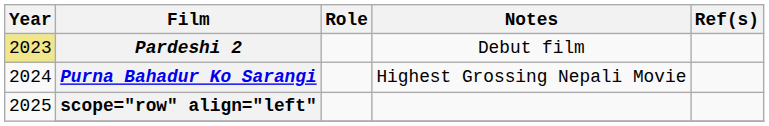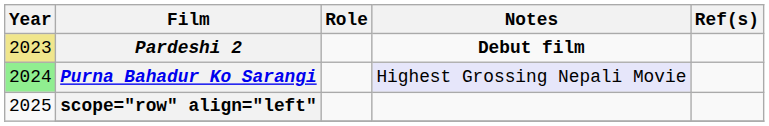 <table class="wikitable sortable plainrowheaders" style="text-align:center;">
 <tr>
 <th scope="col">Year</th>
 <th scope="col">Film</th>
 <th scope="col" class="unsortable">Role</th>
 <th scope="col" class="unsortable">Notes</th>
 <th scope="col" class="unsortable">Ref(s)</th>
 </tr>
 <tr>
 <td style="background: khaki;">2023</td>
 <th scope="row" align="left"><em>Pardeshi 2</em></th>
 <td></td>
-<td>Debut film</td>
+<td><strong>Debut film</strong></td>
 </tr>
 <tr>
-<td>2024</td>
+<td style="background: lightgreen;">2024</td>
 <th scope="row" align="left"><em><a href='#'>Purna Bahadur Ko Sarangi</a></em></th>
 <td></td>
-<td>Highest Grossing Nepali Movie</td>
+<td style="background: lavender;">Highest Grossing Nepali Movie</td>
 <td></td>
 </tr>
 <tr>
 <td rowspan="2">2025</td>
 <th>scope="row" align="left" </th>
 <td></td>
 <td></td>
 <td></td>
 </tr>
 <tr>
 </tr>
 </table>
